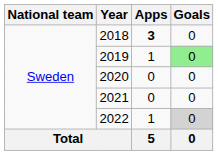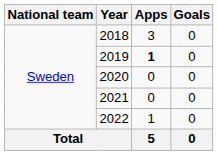 <table class="wikitable" style="text-align:center">
 <tr>
 <th>National team</th>
 <th>Year</th>
 <th>Apps</th>
 <th>Goals</th>
 </tr>
 <tr>
 <td rowspan="5"><a href='#'>Sweden</a></td>
 <td>2018</td>
-<td><strong>3</strong></td>
+<td>3</td>
 <td>0</td>
 </tr>
 <tr>
 <td>2019</td>
-<td>1</td>
-<td style="background: lightgreen;">0</td>
+<td><strong>1</strong></td>
+<td>0</td>
 </tr>
 <tr>
 <td>2020</td>
 <td>0</td>
 <td>0</td>
 </tr>
 <tr>
 <td>2021</td>
 <td>0</td>
 <td>0</td>
 </tr>
 <tr>
 <td>2022</td>
 <td>1</td>
-<td style="background: lightgrey;">0</td>
+<td>0</td>
 </tr>
 <tr>
 <th colspan="2">Total</th>
 <th>5</th>
 <th>0</th>
 </tr>
 </table>
